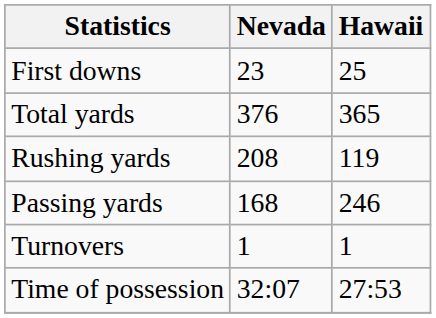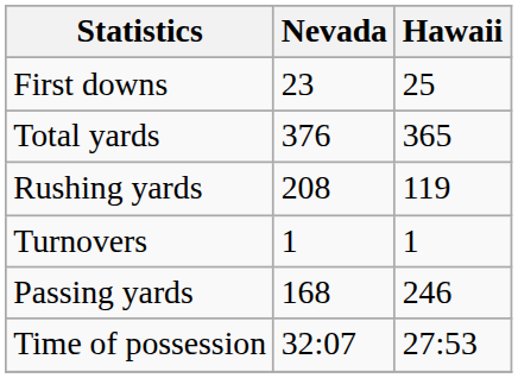 <table class="wikitable">
 <tr>
 <th>Statistics</th>
 <th>Nevada</th>
 <th>Hawaii</th>
 </tr>
 <tr>
 <td>First downs</td>
 <td>23</td>
 <td>25</td>
 </tr>
 <tr>
 <td>Total yards</td>
 <td>376</td>
 <td>365</td>
 </tr>
 <tr>
 <td>Rushing yards</td>
 <td>208</td>
 <td>119</td>
 </tr>
 <tr>
+<td>Turnovers</td>
+<td>1</td>
+<td>1</td>
+</tr>
+<tr>
 <td>Passing yards</td>
 <td>168</td>
 <td>246</td>
-</tr>
-<tr>
-<td>Turnovers</td>
-<td>1</td>
-<td>1</td>
 </tr>
 <tr>
 <td>Time of possession</td>
 <td>32:07</td>
 <td>27:53</td>
 </tr>
 <tr>
 </tr>
 </table>
